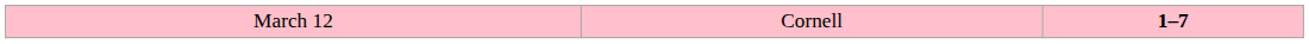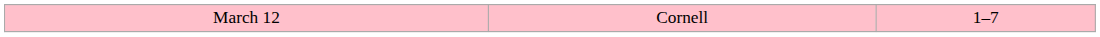 <table class="wikitable" style="width:80%;">
 <tr>
 </tr>
 <tr style="text-align:center;" bgcolor="pink">
 <td>March 12</td>
 <td>Cornell</td>
-<td><strong>1–7</strong></td>
+<td>1–7</td>
 </tr>
 <tr style="text-align:center;" bgcolor="">
 </tr>
 </table>
